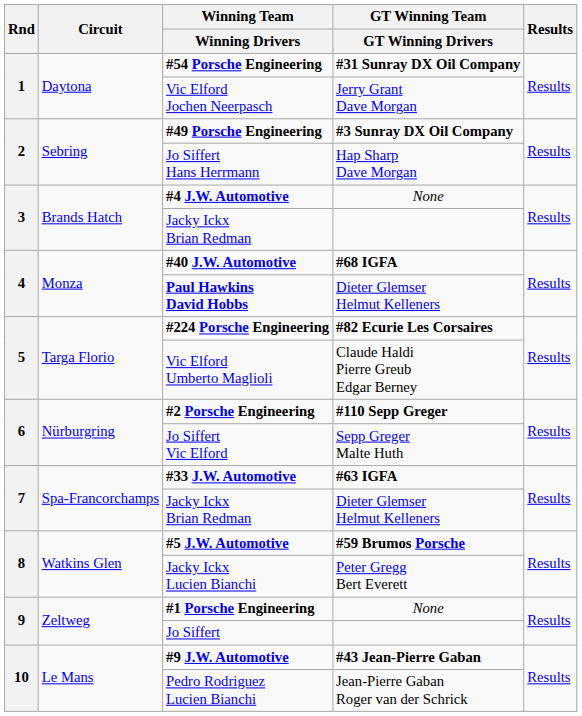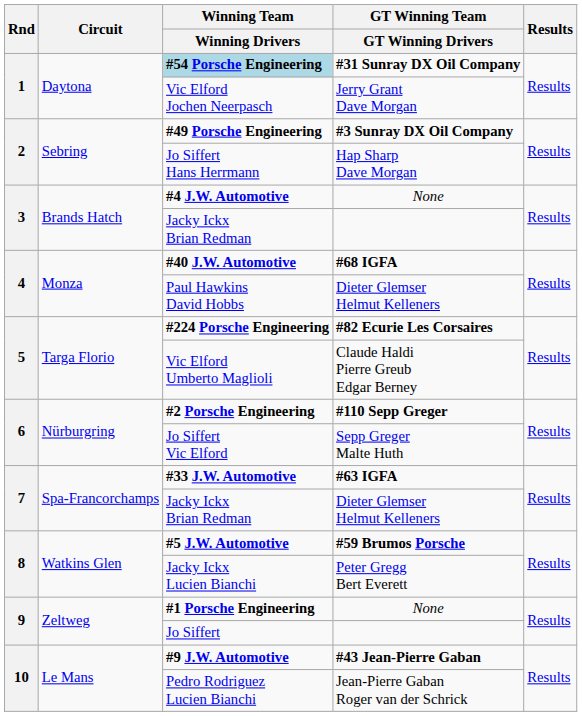 <table class="wikitable" style="font-size: 90%;">
 <tr>
 <th rowspan=2>Rnd</th>
 <th rowspan=2>Circuit</th>
 <th>Winning Team</th>
 <th>GT Winning Team</th>
 <th rowspan=2>Results</th>
 </tr>
 <tr>
 <th>Winning Drivers</th>
 <th>GT Winning Drivers</th>
 </tr>
 <tr>
 <th rowspan=2>1</th>
 <td rowspan=2><a href='#'>Daytona</a></td>
-<td> <strong>#54 <a href='#'>Porsche</a> Engineering</strong></td>
+<td style="background: lightblue;"> <strong>#54 <a href='#'>Porsche</a> Engineering</strong></td>
 <td> <strong>#31 Sunray DX Oil Company</strong></td>
 <td rowspan=2><a href='#'>Results</a></td>
 </tr>
 <tr>
 <td> <a href='#'>Vic Elford</a><br> <a href='#'>Jochen Neerpasch</a></td>
 <td> <a href='#'>Jerry Grant</a><br> <a href='#'>Dave Morgan</a></td>
 </tr>
 <tr>
 <th rowspan=2>2</th>
 <td rowspan=2><a href='#'>Sebring</a></td>
 <td> <strong>#49 <a href='#'>Porsche</a> Engineering</strong></td>
 <td> <strong>#3 Sunray DX Oil Company</strong></td>
 <td rowspan=2><a href='#'>Results</a></td>
 </tr>
 <tr>
 <td> <a href='#'>Jo Siffert</a><br> <a href='#'>Hans Herrmann</a></td>
 <td> <a href='#'>Hap Sharp</a><br> <a href='#'>Dave Morgan</a></td>
 </tr>
 <tr>
 <th rowspan=2>3</th>
 <td rowspan=2><a href='#'>Brands Hatch</a></td>
 <td> <strong>#4 <a href='#'>J.W. Automotive</a></strong></td>
 <td align=center><em>None</em></td>
 <td rowspan=2><a href='#'>Results</a></td>
 </tr>
 <tr>
 <td> <a href='#'>Jacky Ickx</a><br> <a href='#'>Brian Redman</a></td>
 <td></td>
 </tr>
 <tr>
 <th rowspan=2>4</th>
 <td rowspan=2><a href='#'>Monza</a></td>
 <td> <strong>#40 <a href='#'>J.W. Automotive</a></strong></td>
 <td> <strong>#68 IGFA</strong></td>
 <td rowspan=2><a href='#'>Results</a></td>
 </tr>
 <tr>
-<td><strong> <a href='#'>Paul Hawkins</a><br> <a href='#'>David Hobbs</a></strong></td>
+<td> <a href='#'>Paul Hawkins</a><br> <a href='#'>David Hobbs</a></td>
 <td> <a href='#'>Dieter Glemser</a><br> <a href='#'>Helmut Kelleners</a></td>
 </tr>
 <tr>
 <th rowspan=2>5</th>
 <td rowspan=2><a href='#'>Targa Florio</a></td>
 <td> <strong>#224 <a href='#'>Porsche</a> Engineering</strong></td>
 <td> <strong>#82 Ecurie Les Corsaires</strong></td>
 <td rowspan=2><a href='#'>Results</a></td>
 </tr>
 <tr>
 <td> <a href='#'>Vic Elford</a><br> <a href='#'>Umberto Maglioli</a></td>
 <td> Claude Haldi<br> Pierre Greub<br> Edgar Berney</td>
 </tr>
 <tr>
 <th rowspan=2>6</th>
 <td rowspan=2><a href='#'>Nürburgring</a></td>
 <td> <strong>#2 <a href='#'>Porsche</a> Engineering</strong></td>
 <td> <strong>#110 Sepp Greger</strong> </td>
 <td rowspan=2><a href='#'>Results</a></td>
 </tr>
 <tr>
 <td> <a href='#'>Jo Siffert</a><br> <a href='#'>Vic Elford</a></td>
 <td> <a href='#'>Sepp Greger</a><br> Malte Huth</td>
 </tr>
 <tr>
 <th rowspan=2>7</th>
 <td rowspan=2><a href='#'>Spa-Francorchamps</a></td>
 <td> <strong>#33 <a href='#'>J.W. Automotive</a></strong></td>
 <td> <strong>#63 IGFA</strong></td>
 <td rowspan=2><a href='#'>Results</a></td>
 </tr>
 <tr>
 <td> <a href='#'>Jacky Ickx</a><br> <a href='#'>Brian Redman</a></td>
 <td> <a href='#'>Dieter Glemser</a><br> <a href='#'>Helmut Kelleners</a></td>
 </tr>
 <tr>
 <th rowspan=2>8</th>
 <td rowspan=2><a href='#'>Watkins Glen</a></td>
 <td> <strong>#5 <a href='#'>J.W. Automotive</a></strong></td>
 <td> <strong>#59 Brumos <a href='#'>Porsche</a></strong></td>
 <td rowspan=2><a href='#'>Results</a></td>
 </tr>
 <tr>
 <td> <a href='#'>Jacky Ickx</a><br> <a href='#'>Lucien Bianchi</a></td>
 <td> <a href='#'>Peter Gregg</a><br> Bert Everett</td>
 </tr>
 <tr>
 <th rowspan=2>9</th>
 <td rowspan=2><a href='#'>Zeltweg</a></td>
 <td> <strong>#1 <a href='#'>Porsche</a> Engineering</strong></td>
 <td align=center><em>None</em></td>
 <td rowspan=2><a href='#'>Results</a></td>
 </tr>
 <tr>
 <td> <a href='#'>Jo Siffert</a></td>
 <td></td>
 </tr>
 <tr>
 <th rowspan=2>10</th>
 <td rowspan=2><a href='#'>Le Mans</a></td>
 <td> <strong>#9 <a href='#'>J.W. Automotive</a></strong></td>
 <td> <strong>#43 Jean-Pierre Gaban</strong></td>
 <td rowspan=2><a href='#'>Results</a></td>
 </tr>
 <tr>
 <td> <a href='#'>Pedro Rodriguez</a><br> <a href='#'>Lucien Bianchi</a></td>
 <td> Jean-Pierre Gaban<br> Roger van der Schrick</td>
 </tr>
 </table>
